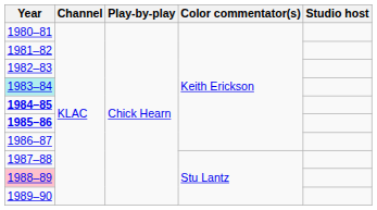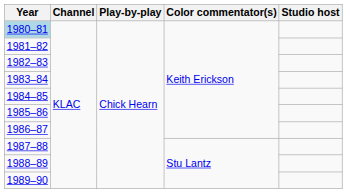 <table class="wikitable">
 <tr>
 <th>Year</th>
 <th>Channel</th>
 <th>Play-by-play</th>
 <th>Color commentator(s)</th>
 <th>Studio host</th>
 </tr>
 <tr>
-<td><a href='#'>1980–81</a></td>
+<td style="background: lightblue;"><a href='#'>1980–81</a></td>
 <td rowspan=10><a href='#'>KLAC</a></td>
 <td rowspan=10><a href='#'>Chick Hearn</a></td>
 <td rowspan="7"><a href='#'>Keith Erickson</a></td>
 <td></td>
 </tr>
 <tr>
 <td><a href='#'>1981–82</a></td>
 <td></td>
 </tr>
 <tr>
 <td><a href='#'>1982–83</a></td>
 <td></td>
 </tr>
 <tr>
-<td style="background: paleturquoise;"><a href='#'>1983–84</a></td>
+<td><a href='#'>1983–84</a></td>
 <td></td>
 </tr>
 <tr>
-<td><strong><a href='#'>1984–85</a></strong></td>
+<td><a href='#'>1984–85</a></td>
 <td></td>
 </tr>
 <tr>
-<td><strong><a href='#'>1985–86</a></strong></td>
+<td><a href='#'>1985–86</a></td>
 <td></td>
 </tr>
 <tr>
 <td><a href='#'>1986–87</a></td>
 <td></td>
 </tr>
 <tr>
 <td><a href='#'>1987–88</a></td>
 <td rowspan="3"><a href='#'>Stu Lantz</a></td>
 <td></td>
 </tr>
 <tr>
-<td style="background: pink;"><a href='#'>1988–89</a></td>
+<td><a href='#'>1988–89</a></td>
 <td></td>
 </tr>
 <tr>
 <td><a href='#'>1989–90</a></td>
 <td></td>
 </tr>
 </table>
